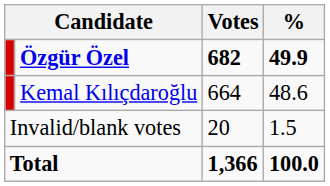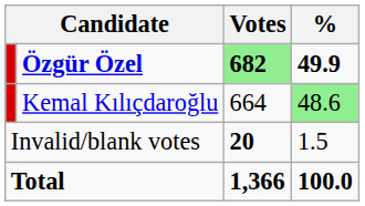 <table class="wikitable">
 <tr =>
 <th colspan="2">Candidate</th>
 <th>Votes</th>
 <th>%</th>
 </tr>
 <tr>
 <td style="background: #d70000"></td>
 <td><strong><a href='#'>Özgür Özel</a></strong></td>
-<td><strong>682</strong></td>
+<td style="background: lightgreen;"><strong>682</strong></td>
 <td><strong>49.9</strong></td>
 </tr>
 <tr>
 <td style="background: #d70000"></td>
 <td><a href='#'>Kemal Kılıçdaroğlu</a></td>
 <td>664</td>
-<td>48.6</td>
+<td style="background: lightgreen;">48.6</td>
 </tr>
 <tr>
 <td colspan="2">Invalid/blank votes</td>
-<td>20</td>
+<td><strong>20</strong></td>
 <td>1.5</td>
 </tr>
 <tr>
 <td colspan="2"><strong>Total</strong></td>
 <td><strong>1,366</strong></td>
 <td><strong>100.0</strong></td>
 </tr>
 </table>
